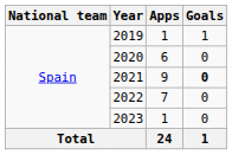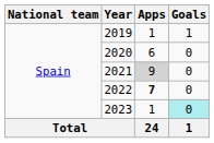 <table class=wikitable style="text-align:center">
 <tr>
 <th>National team</th>
 <th>Year</th>
 <th>Apps</th>
 <th>Goals</th>
 </tr>
 <tr>
 <td rowspan="5"><a href='#'>Spain</a></td>
 <td>2019</td>
 <td>1</td>
 <td>1</td>
 </tr>
 <tr>
 <td>2020</td>
 <td>6</td>
 <td>0</td>
 </tr>
 <tr>
 <td>2021</td>
-<td>9</td>
-<td><strong>0</strong></td>
+<td style="background: lightgrey;">9</td>
+<td>0</td>
 </tr>
 <tr>
 <td>2022</td>
-<td>7</td>
+<td><strong>7</strong></td>
 <td>0</td>
 </tr>
 <tr>
 <td>2023</td>
 <td>1</td>
-<td>0</td>
+<td style="background: paleturquoise;">0</td>
 </tr>
 <tr>
 <th colspan="2">Total</th>
 <th>24</th>
 <th>1</th>
 </tr>
 </table>
